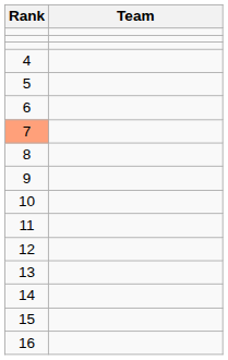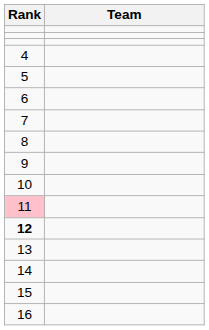 <table class="wikitable" style="text-align: center;">
 <tr>
 <th width=40>Rank</th>
 <th width=180>Team</th>
 </tr>
 <tr align=center>
 <td></td>
 <td style="text-align:left;"></td>
 </tr>
 <tr align=center>
 <td></td>
 <td style="text-align:left;"></td>
 </tr>
 <tr align=center>
 <td></td>
 <td style="text-align:left;"></td>
 </tr>
 <tr align=center>
 <td>4</td>
 <td style="text-align:left;"></td>
 </tr>
 <tr align=center>
 <td>5</td>
 <td style="text-align:left;"></td>
 </tr>
 <tr align=center>
 <td>6</td>
 <td style="text-align:left;"></td>
 </tr>
 <tr align=center>
-<td style="background: lightsalmon;">7</td>
+<td>7</td>
 <td style="text-align:left;"></td>
 </tr>
 <tr align=center>
 <td>8</td>
 <td style="text-align:left;"></td>
 </tr>
 <tr align=center>
 <td>9</td>
 <td style="text-align:left;"></td>
 </tr>
 <tr align=center>
 <td>10</td>
 <td style="text-align:left;"></td>
 </tr>
 <tr align=center>
-<td>11</td>
+<td style="background: pink;">11</td>
 <td style="text-align:left;"></td>
 </tr>
 <tr align=center>
-<td>12</td>
+<td><strong>12</strong></td>
 <td style="text-align:left;"></td>
 </tr>
 <tr align=center>
 <td>13</td>
 <td style="text-align:left;"></td>
 </tr>
 <tr align=center>
 <td>14</td>
 <td style="text-align:left;"></td>
 </tr>
 <tr align=center>
 <td>15</td>
 <td style="text-align:left;"></td>
 </tr>
 <tr align=center>
 <td>16</td>
 <td style="text-align:left;"></td>
 </tr>
 </table>
